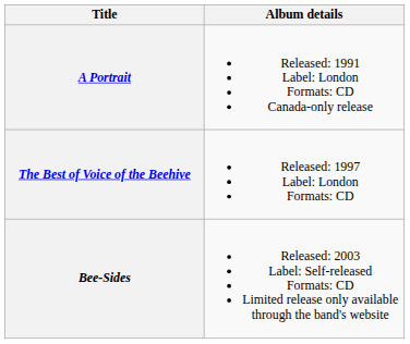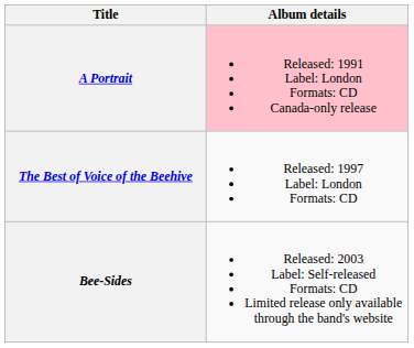 <table class="wikitable plainrowheaders" style="text-align:center;">
 <tr>
 <th scope="col" style="width:15em;">Title</th>
 <th scope="col" style="width:15em;">Album details</th>
 </tr>
 <tr>
 <th scope="row"><em><a href='#'>A Portrait</a></em></th>
-<td><br><ul><li>Released: 1991</li><li>Label: London</li><li>Formats: CD</li><li>Canada-only release</li></ul></td>
+<td style="background: pink;"><br><ul><li>Released: 1991</li><li>Label: London</li><li>Formats: CD</li><li>Canada-only release</li></ul></td>
 </tr>
 <tr>
 <th scope="row"><em><a href='#'>The Best of Voice of the Beehive</a></em></th>
 <td><br><ul><li>Released: 1997</li><li>Label: London</li><li>Formats: CD</li></ul></td>
 </tr>
 <tr>
 <th scope="row"><em>Bee-Sides</em></th>
 <td><br><ul><li>Released: 2003</li><li>Label: Self-released</li><li>Formats: CD</li><li>Limited release only available through the band's website</li></ul></td>
 </tr>
 </table>
